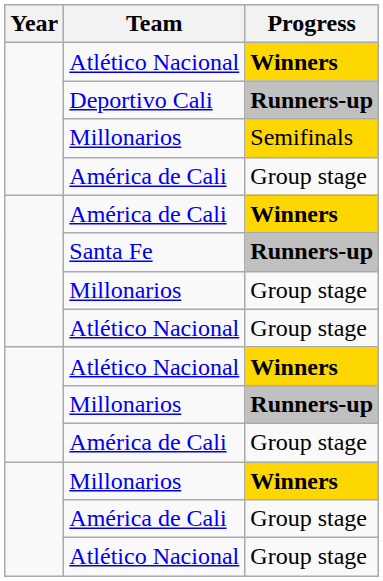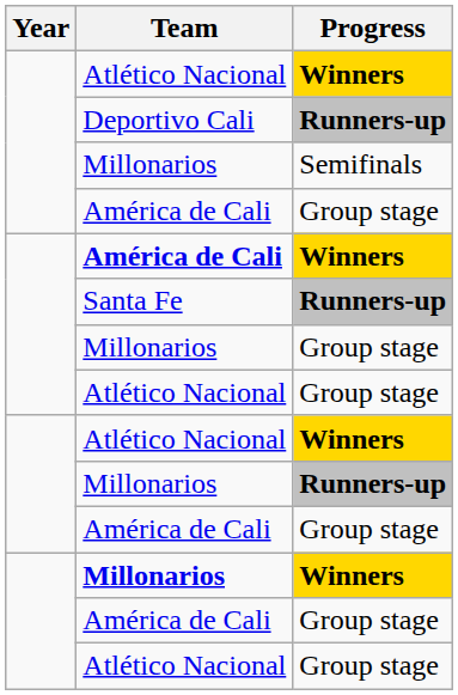 <table class="wikitable">
 <tr>
 <th>Year</th>
 <th>Team</th>
 <th>Progress</th>
 </tr>
 <tr align=left>
 <td rowspan=4></td>
 <td><a href='#'>Atlético Nacional</a></td>
 <td bgcolor="Gold"><strong>Winners</strong></td>
 </tr>
 <tr align=left>
 <td><a href='#'>Deportivo Cali</a></td>
 <td bgcolor="Silver"><strong>Runners-up</strong></td>
 </tr>
 <tr align=left>
 <td><a href='#'>Millonarios</a></td>
-<td style="background: gold;">Semifinals</td>
+<td>Semifinals</td>
 </tr>
 <tr align=left>
 <td><a href='#'>América de Cali</a></td>
 <td>Group stage</td>
 </tr>
 <tr align=left>
 <td rowspan=4></td>
-<td><a href='#'>América de Cali</a></td>
+<td><strong><a href='#'>América de Cali</a></strong></td>
 <td bgcolor="Gold"><strong>Winners</strong></td>
 </tr>
 <tr align=left>
 <td><a href='#'>Santa Fe</a></td>
 <td bgcolor="Silver"><strong>Runners-up</strong></td>
 </tr>
 <tr align=left>
 <td><a href='#'>Millonarios</a></td>
 <td>Group stage</td>
 </tr>
 <tr align=left>
 <td><a href='#'>Atlético Nacional</a></td>
 <td>Group stage</td>
 </tr>
 <tr align=left>
 <td rowspan=3></td>
 <td><a href='#'>Atlético Nacional</a></td>
 <td bgcolor="Gold"><strong>Winners</strong></td>
 </tr>
 <tr align=left>
 <td><a href='#'>Millonarios</a></td>
 <td bgcolor="Silver"><strong>Runners-up</strong></td>
 </tr>
 <tr align=left>
 <td><a href='#'>América de Cali</a></td>
 <td>Group stage</td>
 </tr>
 <tr align=left>
 <td rowspan=3></td>
-<td><a href='#'>Millonarios</a></td>
+<td><strong><a href='#'>Millonarios</a></strong></td>
 <td bgcolor="Gold"><strong>Winners</strong></td>
 </tr>
 <tr align=left>
 <td><a href='#'>América de Cali</a></td>
 <td>Group stage</td>
 </tr>
 <tr align=left>
 <td><a href='#'>Atlético Nacional</a></td>
 <td>Group stage</td>
 </tr>
 </table>
